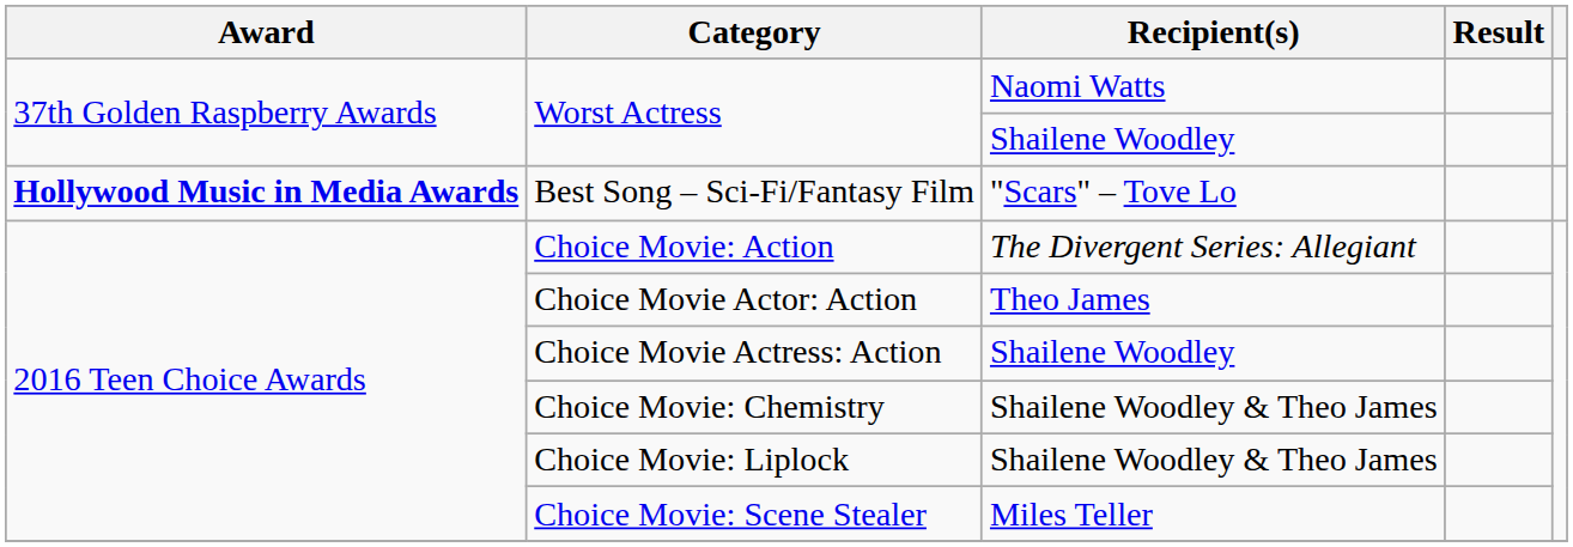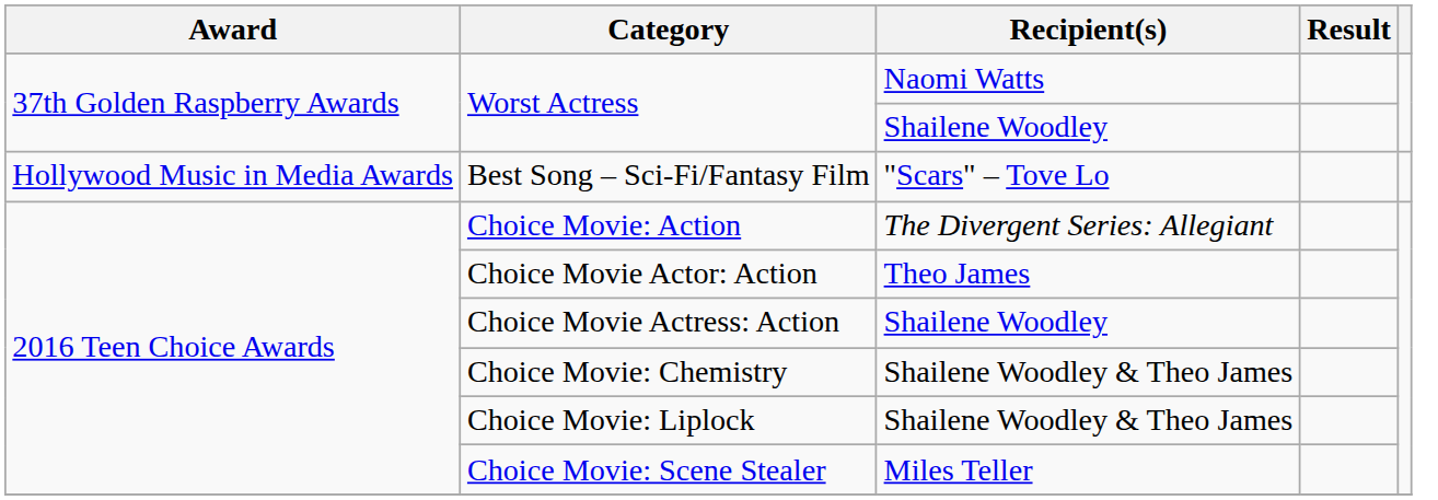 <table class="wikitable sortable">
 <tr>
 <th>Award</th>
 <th>Category</th>
 <th>Recipient(s)</th>
 <th>Result</th>
 <th></th>
 </tr>
 <tr>
 <td rowspan=2><a href='#'>37th Golden Raspberry Awards</a></td>
 <td rowspan=2><a href='#'>Worst Actress</a></td>
 <td><a href='#'>Naomi Watts</a></td>
 <td></td>
 <td rowspan="2"></td>
 </tr>
 <tr>
 <td><a href='#'>Shailene Woodley</a></td>
 <td></td>
 </tr>
 <tr>
-<td><strong><a href='#'>Hollywood Music in Media Awards</a></strong></td>
+<td><a href='#'>Hollywood Music in Media Awards</a></td>
 <td>Best Song – Sci-Fi/Fantasy Film</td>
 <td>"<a href='#'>Scars</a>" – <a href='#'>Tove Lo</a></td>
 <td></td>
 <td></td>
 </tr>
 <tr>
 <td rowspan="6"><a href='#'>2016 Teen Choice Awards</a></td>
 <td><a href='#'>Choice Movie: Action</a></td>
 <td><em>The Divergent Series: Allegiant</em></td>
 <td></td>
 <td rowspan="6"></td>
 </tr>
 <tr>
 <td>Choice Movie Actor: Action</td>
 <td><a href='#'>Theo James</a></td>
 <td></td>
 </tr>
 <tr>
 <td>Choice Movie Actress: Action</td>
 <td><a href='#'>Shailene Woodley</a></td>
 <td></td>
 </tr>
 <tr>
 <td>Choice Movie: Chemistry</td>
 <td>Shailene Woodley & Theo James</td>
 <td></td>
 </tr>
 <tr>
 <td>Choice Movie: Liplock</td>
 <td>Shailene Woodley & Theo James</td>
 <td></td>
 </tr>
 <tr>
 <td><a href='#'>Choice Movie: Scene Stealer</a></td>
 <td><a href='#'>Miles Teller</a></td>
 <td></td>
 </tr>
 <tr>
 </tr>
 </table>
